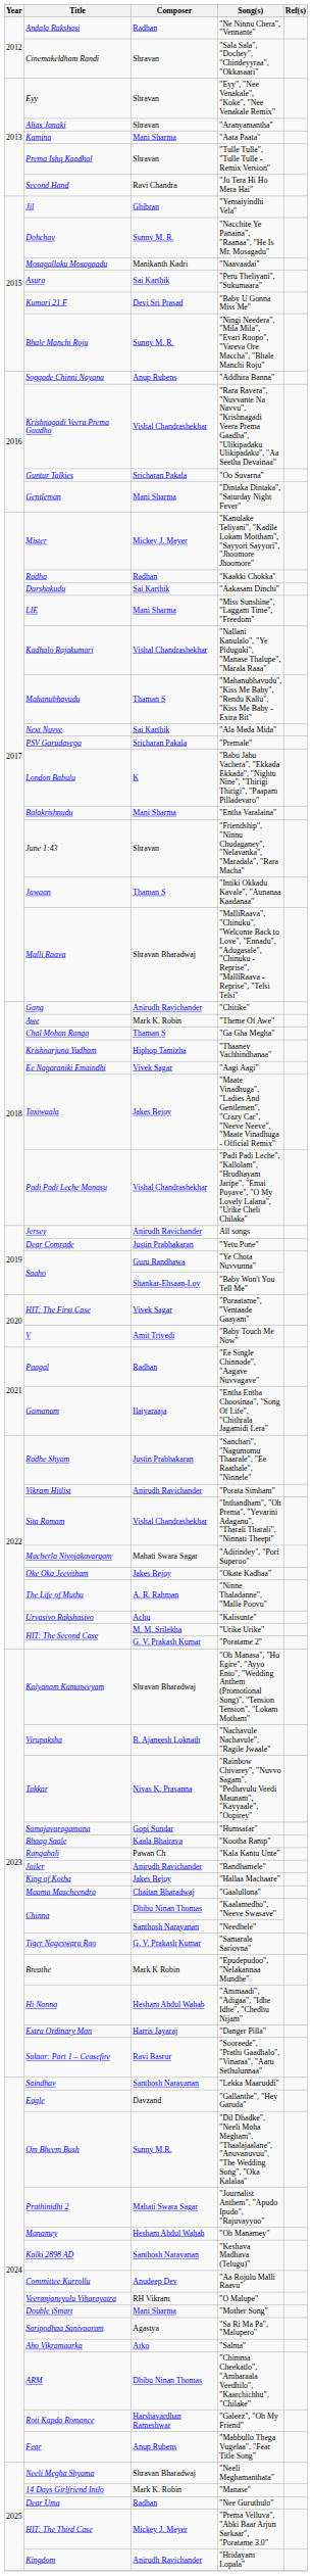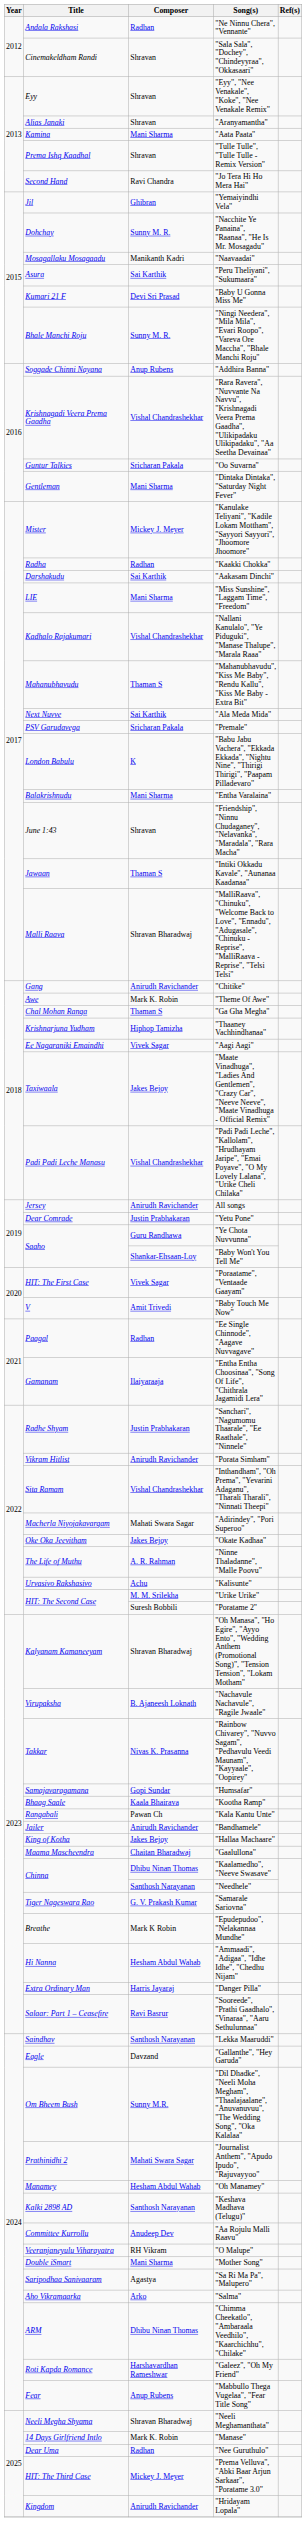 <table class="wikitable sortable">
 <tr style="background:#ccc; text-align:center;">
 <th>Year</th>
 <th scope="col" style="width: 250px;">Title</th>
 <th scope="col" style="width: 200px;">Composer</th>
 <th class = "unsortable">Song(s)</th>
 <th class = "unsortable">Ref(s)</th>
 </tr>
 <tr>
 <td rowspan = "2">2012</td>
 <td><em><a href='#'>Andala Rakshasi</a></em></td>
 <td><a href='#'>Radhan</a></td>
 <td>"Ne Ninnu Chera", "Vennante"</td>
 <td></td>
 </tr>
 <tr>
 <td><em>Cinemakeldham Randi</em></td>
 <td>Shravan</td>
 <td>"Sala Sala", "Dochey", "Chindeyyraa", "Okkasaari"</td>
 <td></td>
 </tr>
 <tr>
 <td rowspan = "5">2013</td>
 <td><em>Eyy</em></td>
 <td>Shravan</td>
 <td>"Eyy", "Nee Venakale", "Koke", "Nee Venakale Remix"</td>
 <td></td>
 </tr>
 <tr>
 <td><em><a href='#'>Alias Janaki</a></em></td>
 <td>Shravan</td>
 <td>"Aranyamantha"</td>
 <td></td>
 </tr>
 <tr>
 <td><em><a href='#'>Kamina</a></em></td>
 <td><a href='#'>Mani Sharma</a></td>
 <td>"Aata Paata"</td>
 <td></td>
 </tr>
 <tr>
 <td><em><a href='#'>Prema Ishq Kaadhal</a></em></td>
 <td>Shravan</td>
 <td>"Tulle Tulle", "Tulle Tulle - Remix Version"</td>
 <td></td>
 </tr>
 <tr>
 <td><em><a href='#'>Second Hand</a></em></td>
 <td>Ravi Chandra</td>
 <td>"Jo Tera Hi Ho Mera Hai"</td>
 <td></td>
 </tr>
 <tr>
 <td rowspan = "6">2015</td>
 <td><em><a href='#'>Jil</a></em></td>
 <td><a href='#'>Ghibran</a></td>
 <td>"Yemaiyindhi Vela"</td>
 <td></td>
 </tr>
 <tr>
 <td><em><a href='#'>Dohchay</a></em></td>
 <td><a href='#'>Sunny M. R.</a></td>
 <td>"Nacchite Ye Panaina", "Raanaa", "He Is Mr. Mosagadu"</td>
 <td></td>
 </tr>
 <tr>
 <td><em><a href='#'>Mosagallaku Mosagaadu</a></em></td>
 <td>Manikanth Kadri</td>
 <td>"Naavaadai"</td>
 <td></td>
 </tr>
 <tr>
 <td><em><a href='#'>Asura</a></em></td>
 <td><a href='#'>Sai Karthik</a></td>
 <td>"Peru Theliyani", "Sukumaara"</td>
 <td></td>
 </tr>
 <tr>
 <td><em><a href='#'>Kumari 21 F</a></em></td>
 <td><a href='#'>Devi Sri Prasad</a></td>
 <td>"Baby U Gonna Miss Me"</td>
 <td></td>
 </tr>
 <tr>
 <td><em><a href='#'>Bhale Manchi Roju</a></em></td>
 <td><a href='#'>Sunny M. R.</a></td>
 <td>"Ningi Needera", "Mila Mila", "Evari Roopo", "Vareva Ore Maccha", "Bhale Manchi Roju"</td>
 <td></td>
 </tr>
 <tr>
 <td rowspan = "4">2016</td>
 <td><em><a href='#'>Soggade Chinni Nayana</a></em></td>
 <td><a href='#'>Anup Rubens</a></td>
 <td>"Addhira Banna"</td>
 <td></td>
 </tr>
 <tr>
 <td><em><a href='#'>Krishnagadi Veera Prema Gaadha</a></em></td>
 <td><a href='#'>Vishal Chandrashekhar</a></td>
 <td>"Rara Ravera", "Nuvvante Na Navvu", "Krishnagadi Veera Prema Gaadha", "Ulikipadaku Ulikipadaku", "Aa Seetha Devainaa"</td>
 <td></td>
 </tr>
 <tr>
 <td><em><a href='#'>Guntur Talkies</a></em></td>
 <td><a href='#'>Sricharan Pakala</a></td>
 <td>"Oo Suvarna"</td>
 <td></td>
 </tr>
 <tr>
 <td><em><a href='#'>Gentleman</a></em></td>
 <td><a href='#'>Mani Sharma</a></td>
 <td>"Dintaka Dintaka", "Saturday Night Fever"</td>
 <td></td>
 </tr>
 <tr>
 <td rowspan = "13">2017</td>
 <td><em><a href='#'>Mister</a></em></td>
 <td><a href='#'>Mickey J. Meyer</a></td>
 <td>"Kanulake Teliyani", "Kadile Lokam Mottham", "Sayyori Sayyori", "Jhoomore Jhoomore"</td>
 <td></td>
 </tr>
 <tr>
 <td><em><a href='#'>Radha</a></em></td>
 <td><a href='#'>Radhan</a></td>
 <td>"Kaakki Chokka"</td>
 <td></td>
 </tr>
 <tr>
 <td><em><a href='#'>Darshakudu</a></em></td>
 <td><a href='#'>Sai Karthik</a></td>
 <td>"Aakasam Dinchi"</td>
 <td></td>
 </tr>
 <tr>
 <td><em><a href='#'>LIE</a></em></td>
 <td><a href='#'>Mani Sharma</a></td>
 <td>"Miss Sunshine", "Laggam Time", "Freedom"</td>
 <td></td>
 </tr>
 <tr>
 <td><em><a href='#'>Kadhalo Rajakumari</a></em></td>
 <td><a href='#'>Vishal Chandrashekhar</a></td>
 <td>"Nallani Kanulalo", "Ye Piduguki", "Manase Thalupe", "Marala Raaa"</td>
 <td></td>
 </tr>
 <tr>
 <td><em><a href='#'>Mahanubhavudu</a></em></td>
 <td><a href='#'>Thaman S</a></td>
 <td>"Mahanubhavudu", "Kiss Me Baby", "Rendu Kallu", "Kiss Me Baby - Extra Bit"</td>
 <td></td>
 </tr>
 <tr>
 <td><em><a href='#'>Next Nuvve</a></em></td>
 <td><a href='#'>Sai Karthik</a></td>
 <td>"Ala Meda Mida"</td>
 <td></td>
 </tr>
 <tr>
 <td><em><a href='#'>PSV Garudavega</a></em></td>
 <td><a href='#'>Sricharan Pakala</a></td>
 <td>"Premale"</td>
 <td></td>
 </tr>
 <tr>
 <td><em><a href='#'>London Babulu</a></em></td>
 <td><a href='#'>K</a></td>
 <td>"Babu Jabu Vachera", "Ekkada Ekkada", "Nightu Nine", "Thirigi Thirigi", "Paapam Pilladevaro"</td>
 <td></td>
 </tr>
 <tr>
 <td><em><a href='#'>Balakrishnudu</a></em></td>
 <td><a href='#'>Mani Sharma</a></td>
 <td>"Entha Varalaina"</td>
 <td></td>
 </tr>
 <tr>
 <td><em>June 1:43</em></td>
 <td>Shravan</td>
 <td>"Friendship", "Ninnu Chudaganey", "Nelavanka", "Maradala", "Rara Macha"</td>
 <td></td>
 </tr>
 <tr>
 <td><em><a href='#'>Jawaan</a></em></td>
 <td><a href='#'>Thaman S</a></td>
 <td>"Intiki Okkadu Kavale", "Aunanaa Kaadanaa"</td>
 <td></td>
 </tr>
 <tr>
 <td><em><a href='#'>Malli Raava</a></em></td>
 <td>Shravan Bharadwaj</td>
 <td>"MalliRaava", "Chinuku", "Welcome Back to Love", "Ennadu", "Adugasale", "Chinuku - Reprise", "MalliRaava - Reprise", "Telsi Telsi"</td>
 <td></td>
 </tr>
 <tr>
 <td rowspan = "7">2018</td>
 <td><em><a href='#'>Gang</a></em></td>
 <td><a href='#'>Anirudh Ravichander</a></td>
 <td>"Chitike"</td>
 <td></td>
 </tr>
 <tr>
 <td><em><a href='#'>Awe</a></em></td>
 <td>Mark K. Robin</td>
 <td>"Theme Of Awe"</td>
 <td></td>
 </tr>
 <tr>
 <td><em><a href='#'>Chal Mohan Ranga</a></em></td>
 <td><a href='#'>Thaman S</a></td>
 <td>"Ga Gha Megha"</td>
 <td></td>
 </tr>
 <tr>
 <td><em><a href='#'>Krishnarjuna Yudham</a></em></td>
 <td><a href='#'>Hiphop Tamizha</a></td>
 <td>"Thaaney Vachhindhanaa"</td>
 <td></td>
 </tr>
 <tr>
 <td><em><a href='#'>Ee Nagaraniki Emaindhi</a></em></td>
 <td><a href='#'>Vivek Sagar</a></td>
 <td>"Aagi Aagi"</td>
 <td></td>
 </tr>
 <tr>
 <td><em><a href='#'>Taxiwaala</a></em></td>
 <td><a href='#'>Jakes Bejoy</a></td>
 <td>"Maate Vinadhuga", "Ladies And Gentlemen", "Crazy Car", "Neeve Neeve", "Maate Vinadhuga - Official Remix"</td>
 <td></td>
 </tr>
 <tr>
 <td><em><a href='#'>Padi Padi Leche Manasu</a></em></td>
 <td><a href='#'>Vishal Chandrashekhar</a></td>
 <td>"Padi Padi Leche", "Kallolam", "Hrudhayam Jaripe", "Emai Poyave", "O My Lovely Lalana", "Urike Cheli Chilaka"</td>
 <td></td>
 </tr>
 <tr>
 <td rowspan = "4">2019</td>
 <td><em><a href='#'>Jersey</a></em></td>
 <td><a href='#'>Anirudh Ravichander</a></td>
 <td>All songs</td>
 <td></td>
 </tr>
 <tr>
 <td><em><a href='#'>Dear Comrade</a></em></td>
 <td><a href='#'>Justin Prabhakaran</a></td>
 <td>"Yetu Pone"</td>
 <td></td>
 </tr>
 <tr>
 <td rowspan = "2"><em><a href='#'>Saaho</a></em></td>
 <td><a href='#'>Guru Randhawa</a></td>
 <td>"Ye Chota Nuvvunna"</td>
 <td rowspan = "2"></td>
 </tr>
 <tr>
 <td><a href='#'>Shankar-Ehsaan-Loy</a></td>
 <td>"Baby Won't You Tell Me"</td>
 </tr>
 <tr>
 <td rowspan = "2">2020</td>
 <td><em><a href='#'>HIT: The First Case</a></em></td>
 <td><a href='#'>Vivek Sagar</a></td>
 <td>"Poraatame", "Ventaade Gaayam"</td>
 <td></td>
 </tr>
 <tr>
 <td><em><a href='#'>V</a></em></td>
 <td><a href='#'>Amit Trivedi</a></td>
 <td>"Baby Touch Me Now"</td>
 <td></td>
 </tr>
 <tr>
 <td rowspan = "2">2021</td>
 <td><em><a href='#'>Paagal</a></em></td>
 <td><a href='#'>Radhan</a></td>
 <td>"Ee Single Chinnode", "Aagave Nuvvagave"</td>
 <td></td>
 </tr>
 <tr>
 <td><em><a href='#'>Gamanam</a></em></td>
 <td><a href='#'>Ilaiyaraaja</a></td>
 <td>"Entha Entha Choosinaa", "Song Of Life", "Chithrala Jagamidi Lera"</td>
 <td></td>
 </tr>
 <tr>
 <td rowspan = "9">2022</td>
 <td><em><a href='#'>Radhe Shyam</a></em></td>
 <td><a href='#'>Justin Prabhakaran</a></td>
 <td>"Sanchari", "Nagumomu Thaarale", "Ee Raathale", "Ninnele"</td>
 <td></td>
 </tr>
 <tr>
 <td><em><a href='#'>Vikram Hitlist</a></em></td>
 <td><a href='#'>Anirudh Ravichander</a></td>
 <td>"Porata Simham"</td>
 <td></td>
 </tr>
 <tr>
 <td><em><a href='#'>Sita Ramam</a></em></td>
 <td><a href='#'>Vishal Chandrashekhar</a></td>
 <td>"Inthandham", "Oh Prema", "Yevarini Adaganu", "Tharali Tharali", "Ninnati Theepi"</td>
 <td></td>
 </tr>
 <tr>
 <td><em><a href='#'>Macherla Niyojakavargam</a></em></td>
 <td>Mahati Swara Sagar</td>
 <td>"Adirindey", "Pori Superoo"</td>
 <td></td>
 </tr>
 <tr>
 <td><em><a href='#'>Oke Oka Jeevitham</a></em></td>
 <td><a href='#'>Jakes Bejoy</a></td>
 <td>"Okate Kadhaa"</td>
 <td></td>
 </tr>
 <tr>
 <td><em><a href='#'>The Life of Muthu</a></em></td>
 <td><a href='#'>A. R. Rahman</a></td>
 <td>"Ninne Thaladanne", "Malle Poovu"</td>
 <td></td>
 </tr>
 <tr>
 <td><em><a href='#'>Urvasivo Rakshasivo</a></em></td>
 <td><a href='#'>Achu</a></td>
 <td>"Kalisunte"</td>
 <td></td>
 </tr>
 <tr>
 <td rowspan = "2"><em><a href='#'>HIT: The Second Case</a></em></td>
 <td><a href='#'>M. M. Srilekha</a></td>
 <td>"Urike Urike"</td>
 <td></td>
 </tr>
 <tr>
-<td><a href='#'>G. V. Prakash Kumar</a></td>
+<td>Suresh Bobbili</td>
 <td>"Poratame 2"</td>
 <td></td>
 </tr>
 <tr>
 <td rowspan = "16">2023</td>
 <td><em><a href='#'>Kalyanam Kamaneeyam</a></em></td>
 <td>Shravan Bharadwaj</td>
 <td>"Oh Manasa", "Ho Egire", "Ayyo Ento", "Wedding Anthem (Promotional Song)", "Tension Tension", "Lokam Motham"</td>
 <td></td>
 </tr>
 <tr>
 <td><em><a href='#'>Virupaksha</a></em></td>
 <td><a href='#'>B. Ajaneesh Loknath</a></td>
 <td>"Nachavule Nachavule", "Ragile Jwaale"</td>
 <td></td>
 </tr>
 <tr>
 <td><em><a href='#'>Takkar</a></em></td>
 <td><a href='#'>Nivas K. Prasanna</a></td>
 <td>"Rainbow Chivarey", "Nuvvo Sagam", "Pedhavulu Veedi Maunam", "Kayyaale", "Oopirey"</td>
 <td></td>
 </tr>
 <tr>
 <td><em><a href='#'>Samajavaragamana</a></em></td>
 <td><a href='#'>Gopi Sundar</a></td>
 <td>"Humsafar"</td>
 <td></td>
 </tr>
 <tr>
 <td><em><a href='#'>Bhaag Saale</a></em></td>
 <td><a href='#'>Kaala Bhairava</a></td>
 <td>"Kootha Ramp"</td>
 <td></td>
 </tr>
 <tr>
 <td><em><a href='#'>Rangabali</a></em></td>
 <td>Pawan Ch</td>
 <td>"Kala Kantu Unte"</td>
 <td></td>
 </tr>
 <tr>
 <td><em><a href='#'>Jailer</a></em></td>
 <td><a href='#'>Anirudh Ravichander</a></td>
 <td>"Bandhamele"</td>
 <td></td>
 </tr>
 <tr>
 <td><em><a href='#'>King of Kotha</a></em></td>
 <td><a href='#'>Jakes Bejoy</a></td>
 <td>"Hallaa Machaare"</td>
 <td></td>
 </tr>
 <tr>
 <td><em><a href='#'>Maama Mascheendra</a></em></td>
 <td><a href='#'>Chaitan Bharadwaj</a></td>
 <td>"Gaalullona"</td>
 <td></td>
 </tr>
 <tr>
 <td rowspan = "2"><em><a href='#'>Chinna</a></em></td>
 <td><a href='#'>Dhibu Ninan Thomas</a></td>
 <td>"Kaalamedho", "Neeve Swasave"</td>
 <td rowspan = "2"></td>
 </tr>
 <tr>
 <td><a href='#'>Santhosh Narayanan</a></td>
 <td>"Needhele"</td>
 </tr>
 <tr>
 <td><em><a href='#'>Tiger Nageswara Rao</a></em></td>
 <td><a href='#'>G. V. Prakash Kumar</a></td>
 <td>"Samarale Sariovna"</td>
 <td></td>
 </tr>
 <tr>
 <td><em>Breathe</em></td>
 <td>Mark K Robin</td>
 <td>"Epudepudoo", "Nelakannaa Mundhe"</td>
 <td></td>
 </tr>
 <tr>
 <td><em><a href='#'>Hi Nanna</a></em></td>
 <td><a href='#'>Hesham Abdul Wahab</a></td>
 <td>"Ammaadi", "Adigaa", "Idhe Idhe", "Chedhu Nijam"</td>
 <td></td>
 </tr>
 <tr>
 <td><em><a href='#'>Extra Ordinary Man</a></em></td>
 <td><a href='#'>Harris Jayaraj</a></td>
 <td>"Danger Pilla"</td>
 <td></td>
 </tr>
 <tr>
 <td><em><a href='#'>Salaar: Part 1 – Ceasefire</a></em></td>
 <td><a href='#'>Ravi Basrur</a></td>
 <td>"Sooreede", "Prathi Gaadhalo", "Vinaraa", "Aaru Sethulunnaa"</td>
 <td></td>
 </tr>
 <tr>
 <td rowspan="14">2024</td>
 <td><em><a href='#'>Saindhav</a></em></td>
 <td><a href='#'>Santhosh Narayanan</a></td>
 <td>"Lekka Maaruddi"</td>
 <td></td>
 </tr>
 <tr>
 <td><em><a href='#'>Eagle</a></em></td>
 <td>Davzand</td>
 <td>"Gallanthe", "Hey Garuda"</td>
 <td></td>
 </tr>
 <tr>
 <td><em><a href='#'>Om Bheem Bush</a></em></td>
 <td><a href='#'>Sunny M.R.</a></td>
 <td>"Dil Dhadke", "Neeli Moha Megham", "Thaalajaalane", "Anuvanuvuu", "The Wedding Song", "Oka Kalalaa"</td>
 <td></td>
 </tr>
 <tr>
 <td><em><a href='#'>Prathinidhi 2</a></em></td>
 <td><a href='#'>Mahati Swara Sagar</a></td>
 <td>"Journalist Anthem", "Apudo Ipudo", "Rajuvayyoo"</td>
 <td></td>
 </tr>
 <tr>
 <td><em><a href='#'>Manamey</a></em></td>
 <td><a href='#'>Hesham Abdul Wahab</a></td>
 <td>"Oh Manamey"</td>
 <td></td>
 </tr>
 <tr>
 <td><em><a href='#'>Kalki 2898 AD</a></em></td>
 <td><a href='#'>Santhosh Narayanan</a></td>
 <td>"Keshava Madhava (Telugu)"</td>
 <td></td>
 </tr>
 <tr>
 <td><em><a href='#'>Committee Kurrollu</a></em></td>
 <td><a href='#'>Anudeep Dev</a></td>
 <td>"Aa Rojulu Malli Raavu"</td>
 <td></td>
 </tr>
 <tr>
 <td><em><a href='#'>Veeranjaneyulu Viharayatra</a></em></td>
 <td>RH Vikram</td>
 <td>"O Malupe"</td>
 <td></td>
 </tr>
 <tr>
 <td><em><a href='#'>Double iSmart</a></em></td>
 <td><a href='#'>Mani Sharma</a></td>
 <td>"Mother Song"</td>
 <td></td>
 </tr>
 <tr>
 <td><em><a href='#'>Saripodhaa Sanivaaram</a></em></td>
 <td>Agastya</td>
 <td>"Sa Ri Ma Pa", "Malupero"</td>
 <td></td>
 </tr>
 <tr>
 <td><em><a href='#'>Aho Vikramaarka</a></em></td>
 <td><a href='#'>Arko</a></td>
 <td>"Salma"</td>
 <td></td>
 </tr>
 <tr>
 <td><em><a href='#'>ARM</a></em></td>
 <td><a href='#'>Dhibu Ninan Thomas</a></td>
 <td>"Chimma Cheekatlo", "Ambaraala Veedhilo", "Kaarchichhu", "Chilake"</td>
 <td></td>
 </tr>
 <tr>
 <td><em><a href='#'>Roti Kapda Romance</a></em></td>
 <td><a href='#'>Harshavardhan Rameshwar</a></td>
 <td>"Galeez", "Oh My Friend"</td>
 <td></td>
 </tr>
 <tr>
 <td><a href='#'><em>Fear</em></a></td>
 <td><a href='#'>Anup Rubens</a></td>
 <td>"Mabbullo Thega Vugelaa", "Fear Title Song"</td>
 <td></td>
 </tr>
 <tr>
 <td rowspan="5">2025</td>
 <td><em><a href='#'>Neeli Megha Shyama</a></em></td>
 <td>Shravan Bharadwaj</td>
 <td>"Neeli Meghamanthata"</td>
 <td></td>
 </tr>
 <tr>
 <td><a href='#'><em>14 Days Girlfriend Intlo</em></a></td>
 <td>Mark K. Robin</td>
 <td>"Manase"</td>
 <td></td>
 </tr>
 <tr>
 <td><em><a href='#'>Dear Uma</a></em></td>
 <td><a href='#'>Radhan</a></td>
 <td>"Nee Guruthulo"</td>
 <td></td>
 </tr>
 <tr>
 <td><em><a href='#'>HIT: The Third Case</a></em></td>
 <td><a href='#'>Mickey J. Meyer</a></td>
 <td>"Prema Velluva", "Abki Baar Arjun Sarkaar", "Poratame 3.0"</td>
 <td></td>
 </tr>
 <tr>
 <td><em><a href='#'>Kingdom</a></em></td>
 <td><a href='#'>Anirudh Ravichander</a></td>
 <td>"Hridayam Lopala"</td>
 <td></td>
 </tr>
 <tr>
 </tr>
 </table>
